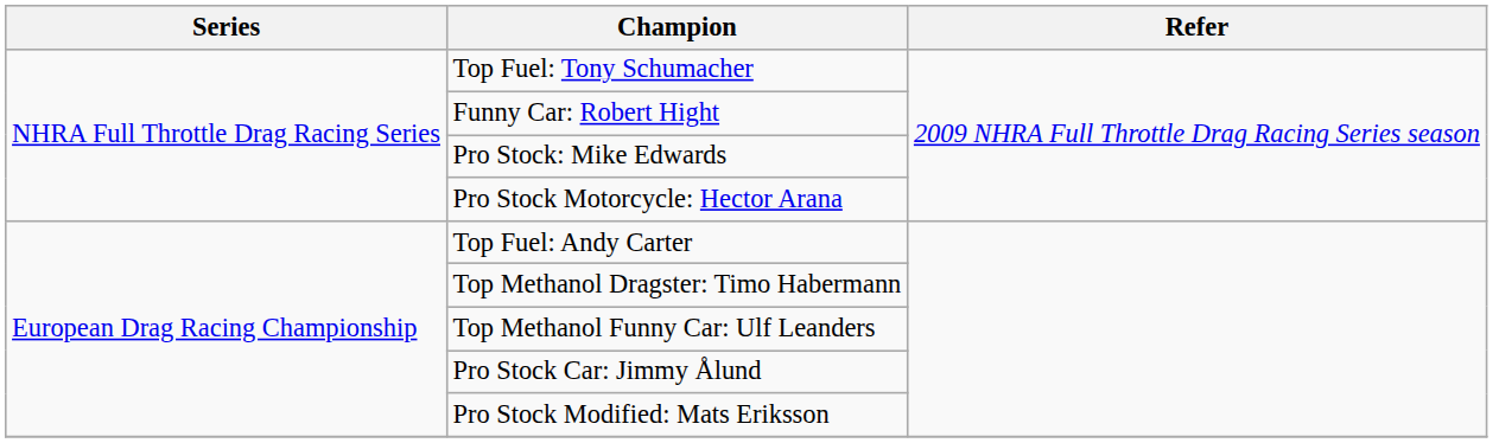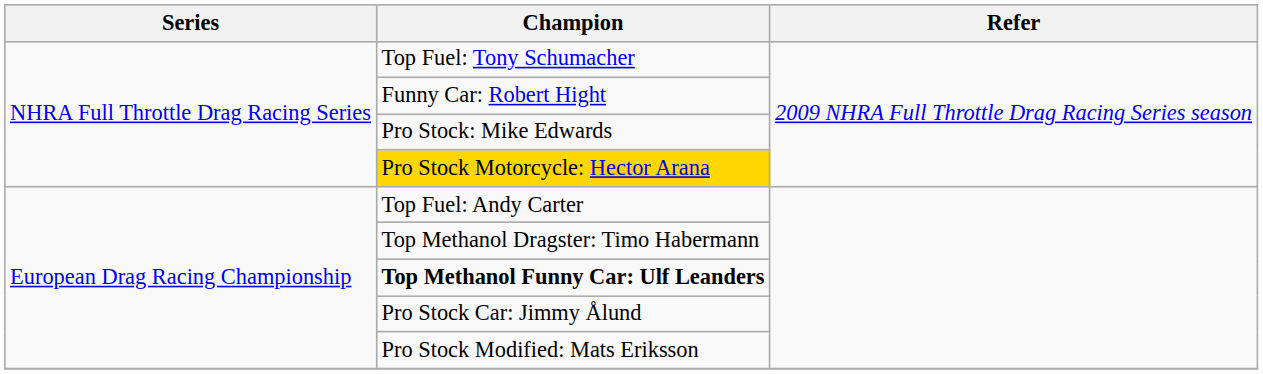 <table class="wikitable" style="font-size:87%;">
 <tr>
 <th>Series</th>
 <th>Champion</th>
 <th>Refer</th>
 </tr>
 <tr>
 <td rowspan=4><a href='#'>NHRA Full Throttle Drag Racing Series</a></td>
 <td>Top Fuel:  <a href='#'>Tony Schumacher</a></td>
 <td rowspan=4><em><a href='#'>2009 NHRA Full Throttle Drag Racing Series season</a></em></td>
 </tr>
 <tr>
 <td>Funny Car:  <a href='#'>Robert Hight</a></td>
 </tr>
 <tr>
 <td>Pro Stock:  Mike Edwards</td>
 </tr>
 <tr>
-<td>Pro Stock Motorcycle:  <a href='#'>Hector Arana</a></td>
+<td style="background: gold;">Pro Stock Motorcycle:  <a href='#'>Hector Arana</a></td>
 </tr>
 <tr>
 <td rowspan=5><a href='#'>European Drag Racing Championship</a></td>
 <td>Top Fuel:  Andy Carter</td>
 <td rowspan=5></td>
 </tr>
 <tr>
 <td>Top Methanol Dragster:  Timo Habermann</td>
 </tr>
 <tr>
-<td>Top Methanol Funny Car:  Ulf Leanders</td>
+<td><strong>Top Methanol Funny Car:  Ulf Leanders</strong></td>
 </tr>
 <tr>
 <td>Pro Stock Car:  Jimmy Ålund</td>
 </tr>
 <tr>
 <td>Pro Stock Modified:  Mats Eriksson</td>
 </tr>
 <tr>
 </tr>
 </table>
